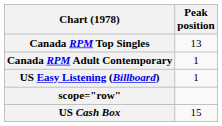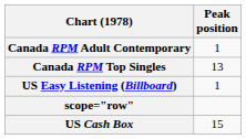 <table class="wikitable sortable plainrowheaders" style="text-align:center;">
 <tr>
 <th scope="col">Chart (1978)</th>
 <th scope="col">Peak<br>position</th>
 </tr>
 <tr>
+<th scope="row">Canada <em><a href='#'>RPM</a></em> Adult Contemporary</th>
+<td style="text-align:center;">1</td>
+</tr>
+<tr>
 <th scope="row">Canada <em><a href='#'>RPM</a></em> Top Singles</th>
 <td style="text-align:center;">13</td>
-</tr>
-<tr>
-<th scope="row">Canada <em><a href='#'>RPM</a></em> Adult Contemporary</th>
-<td style="text-align:center;">1</td>
 </tr>
 <tr>
 <th scope="row">US <a href='#'>Easy Listening</a> (<em><a href='#'>Billboard</a></em>)</th>
 <td align="center">1</td>
 </tr>
 <tr>
 <th>scope="row"</th>
 </tr>
 <tr>
 <th scope="row">US <em>Cash Box</em></th>
 <td align="center">15</td>
 </tr>
 </table>
